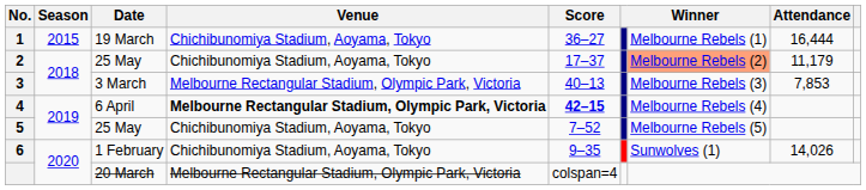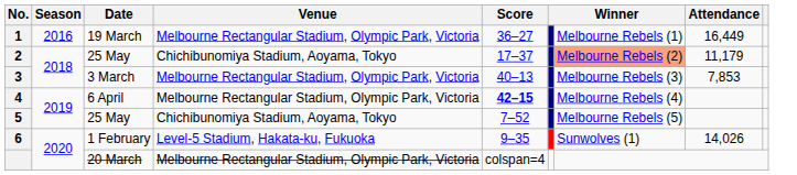 <table class="wikitable">
 <tr>
 <th>No.</th>
 <th>Season</th>
 <th>Date</th>
 <th>Venue</th>
 <th>Score</th>
 <th colspan=2>Winner</th>
 <th>Attendance</th>
 <th></th>
 </tr>
 <tr>
 <th>1</th>
-<td align=center><a href='#'>2015</a></td>
+<td align=center><a href='#'>2016</a></td>
 <td>19 March</td>
-<td><a href='#'>Chichibunomiya Stadium</a>, <a href='#'>Aoyama</a>, <a href='#'>Tokyo</a></td>
+<td><a href='#'>Melbourne Rectangular Stadium</a>, <a href='#'>Olympic Park</a>, <a href='#'>Victoria</a></td>
 <td align=center><a href='#'>36–27</a></td>
 <td bgcolor=#000080></td>
 <td> <a href='#'>Melbourne Rebels</a> (1)</td>
-<td align=center>16,444</td>
+<td align=center>16,449</td>
 <td align=center></td>
 </tr>
 <tr>
 <th>2</th>
 <td rowspan=2 align=center><a href='#'>2018</a></td>
 <td>25 May</td>
 <td>Chichibunomiya Stadium, Aoyama, Tokyo</td>
 <td align=center><a href='#'>17–37</a></td>
 <td bgcolor=#000080></td>
 <td style="background: lightsalmon;"> <a href='#'>Melbourne Rebels</a> (2)</td>
 <td align=center>11,179</td>
 <td align=center></td>
 </tr>
 <tr>
 <th>3</th>
 <td>3 March</td>
 <td><a href='#'>Melbourne Rectangular Stadium</a>, <a href='#'>Olympic Park</a>, <a href='#'>Victoria</a></td>
 <td align=center><a href='#'>40–13</a></td>
 <td bgcolor=#000080></td>
 <td> <a href='#'>Melbourne Rebels</a> (3)</td>
 <td align=center>7,853</td>
 <td align=center></td>
 </tr>
 <tr>
 <th>4</th>
 <td rowspan=2 align=center><a href='#'>2019</a></td>
 <td>6 April</td>
-<td><strong>Melbourne Rectangular Stadium, Olympic Park, Victoria</strong></td>
+<td>Melbourne Rectangular Stadium, Olympic Park, Victoria</td>
 <td align=center><strong><a href='#'>42–15</a></strong></td>
 <td bgcolor=#000080></td>
 <td> <a href='#'>Melbourne Rebels</a> (4)</td>
 <td></td>
 <td align=center></td>
 </tr>
 <tr>
 <th>5</th>
 <td>25 May</td>
 <td>Chichibunomiya Stadium, Aoyama, Tokyo</td>
 <td align=center><a href='#'>7–52</a></td>
 <td bgcolor=#000080></td>
 <td> <a href='#'>Melbourne Rebels</a> (5)</td>
 <td></td>
 <td align=center></td>
 </tr>
 <tr>
 <th>6</th>
 <td rowspan=2 align=center><a href='#'>2020</a></td>
 <td>1 February</td>
-<td>Chichibunomiya Stadium, Aoyama, Tokyo</td>
+<td><a href='#'>Level-5 Stadium</a>, <a href='#'>Hakata-ku</a>, <a href='#'>Fukuoka</a></td>
 <td align=center><a href='#'>9–35</a></td>
 <td bgcolor=#FF0000></td>
 <td> <a href='#'>Sunwolves</a> (1)</td>
 <td align=center>14,026</td>
 <td align=center></td>
 </tr>
 <tr>
 <th></th>
 <td><s>20 March</s></td>
 <td><s>Melbourne Rectangular Stadium, Olympic Park, Victoria</s></td>
 <td>colspan=4 </td>
 <td align=center></td>
 </tr>
 </table>
